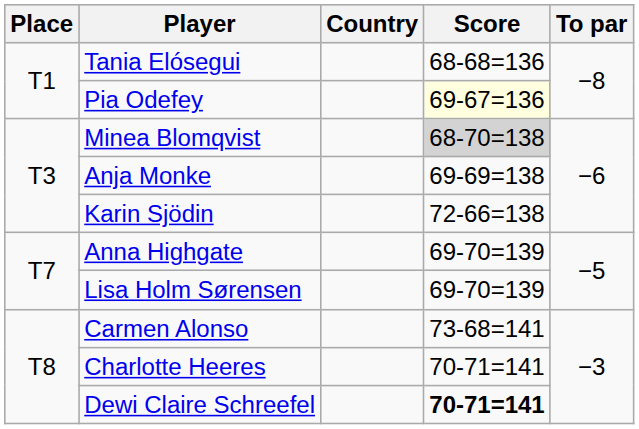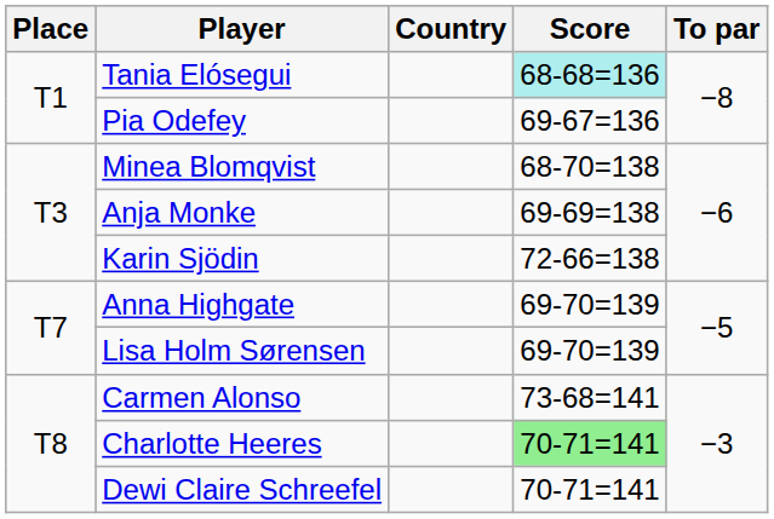 <table class="wikitable" style="font-size:95%;">
 <tr>
 <th>Place</th>
 <th>Player</th>
 <th>Country</th>
 <th>Score</th>
 <th>To par</th>
 </tr>
 <tr>
 <td rowspan="2" align="center">T1</td>
 <td><a href='#'>Tania Elósegui</a></td>
 <td></td>
-<td align="center">68-68=136</td>
+<td align="center" style="background: paleturquoise;">68-68=136</td>
 <td rowspan="2" align="center">−8</td>
 </tr>
 <tr>
 <td><a href='#'>Pia Odefey</a></td>
 <td></td>
-<td align="center" style="background: lightyellow;">69-67=136</td>
+<td align="center">69-67=136</td>
 </tr>
 <tr>
 <td rowspan="3" align="center">T3</td>
 <td><a href='#'>Minea Blomqvist</a></td>
 <td></td>
-<td align="center" style="background: lightgrey;">68-70=138</td>
+<td align="center">68-70=138</td>
 <td rowspan="3" align="center">−6</td>
 </tr>
 <tr>
 <td><a href='#'>Anja Monke</a>     </td>
 <td></td>
 <td align="center">69-69=138</td>
 </tr>
 <tr>
 <td><a href='#'>Karin Sjödin</a></td>
 <td></td>
 <td>72-66=138</td>
 </tr>
 <tr>
 <td rowspan="2" align="center">T7</td>
 <td><a href='#'>Anna Highgate</a></td>
 <td></td>
 <td align="center">69-70=139</td>
 <td rowspan="2" align="center">−5</td>
 </tr>
 <tr>
 <td><a href='#'>Lisa Holm Sørensen</a></td>
 <td></td>
 <td align="center">69-70=139</td>
 </tr>
 <tr>
 <td rowspan="3" align="center">T8</td>
 <td><a href='#'>Carmen Alonso</a></td>
 <td></td>
 <td align="center">73-68=141</td>
 <td rowspan="3" align="center">−3</td>
 </tr>
 <tr>
 <td><a href='#'>Charlotte Heeres</a></td>
 <td></td>
-<td>70-71=141</td>
+<td style="background: lightgreen;">70-71=141</td>
 </tr>
 <tr>
 <td><a href='#'>Dewi Claire Schreefel</a></td>
 <td></td>
-<td><strong>70-71=141</strong></td>
+<td>70-71=141</td>
 </tr>
 </table>
